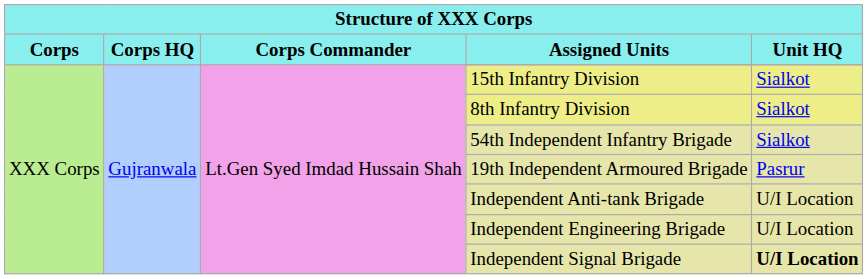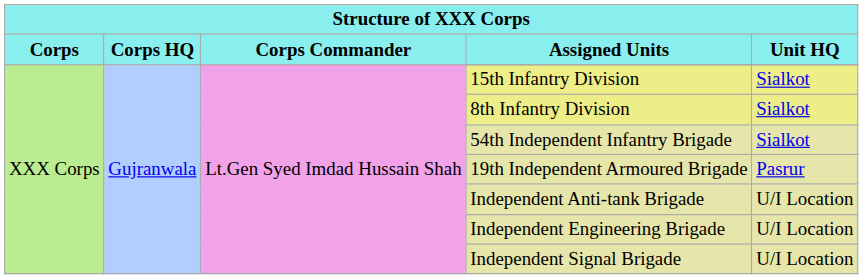 <table class="wikitable">
 <tr>
 <th colspan="10" style="background:#88EEEE;">Structure of XXX Corps</th>
 </tr>
 <tr>
 <th style="background:#88EEEE;">Corps</th>
 <th style="background:#88EEEE;">Corps HQ</th>
 <th style="background:#88EEEE;">Corps Commander</th>
 <th style="background:#88EEEE;">Assigned Units</th>
 <th style="background:#88EEEE;">Unit HQ</th>
 </tr>
 <tr>
 <td rowspan="9" style="background:#baed91; text-align:center;">XXX Corps</td>
 <td rowspan="9" style="background:#b2cefe; text-align:center;"><a href='#'>Gujranwala</a></td>
 <td rowspan="9" style="background:#f2a2e8; text-align:center;">Lt.Gen Syed Imdad Hussain Shah <br></td>
 </tr>
 <tr>
 <td style="background:#EEEE88;">15th Infantry Division</td>
 <td style="background:#EEEE88;"><a href='#'>Sialkot</a></td>
 </tr>
 <tr>
 <td style="background:#EEEE88;">8th Infantry Division</td>
 <td style="background:#EEEE88;"><a href='#'>Sialkot</a></td>
 </tr>
 <tr>
 <td style="background:#e6e6aa;">54th Independent Infantry Brigade</td>
 <td style="background:#e6e6aa;"><a href='#'>Sialkot</a></td>
 </tr>
 <tr>
 <td style="background:#e6e6aa;">19th Independent Armoured Brigade</td>
 <td style="background:#e6e6aa;"><a href='#'>Pasrur</a></td>
 </tr>
 <tr>
 <td style="background:#e6e6aa;">Independent Anti-tank Brigade</td>
 <td style="background:#e6e6aa;">U/I Location</td>
 </tr>
 <tr>
 <td style="background:#e6e6aa;">Independent Engineering Brigade</td>
 <td style="background:#e6e6aa;">U/I Location</td>
 </tr>
 <tr>
 <td style="background:#e6e6aa;">Independent Signal Brigade</td>
-<td style="background:#e6e6aa"><strong>U/I Location</strong></td>
+<td style="background:#e6e6aa">U/I Location</td>
 </tr>
 </table>
